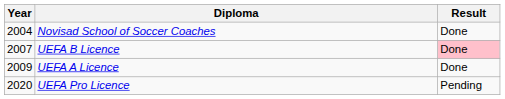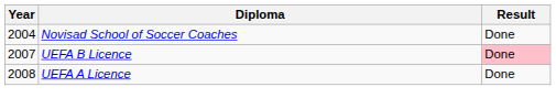 <table class="wikitable">
 <tr>
 <th scope="col" style="width:1em;">Year</th>
 <th scope="col" style="width:35em;">Diploma</th>
 <th scope="col" style="width:5em;">Result</th>
 </tr>
 <tr>
 <td>2004</td>
 <td><em><a href='#'>Novisad School of Soccer Coaches</a></em></td>
 <td>Done</td>
 </tr>
 <tr>
 <td>2007</td>
 <td><em><a href='#'>UEFA B Licence</a></em></td>
 <td style="background: pink;">Done</td>
 </tr>
 <tr>
-<td>2009</td>
+<td>2008</td>
 <td><em><a href='#'>UEFA A Licence</a></em></td>
 <td>Done</td>
 </tr>
-<tr>
-<td>2020</td>
-<td><em><a href='#'>UEFA Pro Licence</a></em></td>
-<td>Pending</td>
-</tr>
 </table>
